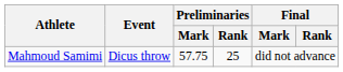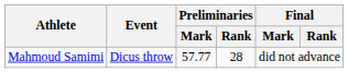 <table class=wikitable style="font-size:90%;">
 <tr>
 <th rowspan=2>Athlete</th>
 <th rowspan=2>Event</th>
 <th colspan=2>Preliminaries</th>
 <th colspan=2>Final</th>
 </tr>
 <tr>
 <th>Mark</th>
 <th>Rank</th>
 <th>Mark</th>
 <th>Rank</th>
 </tr>
 <tr>
 <td><a href='#'>Mahmoud Samimi</a></td>
 <td rowspan=2><a href='#'>Dicus throw</a></td>
-<td align="center">57.75</td>
-<td align="center">25</td>
+<td align="center">57.77</td>
+<td align="center">28</td>
 <td colspan=2>did not advance</td>
 </tr>
 </table>
